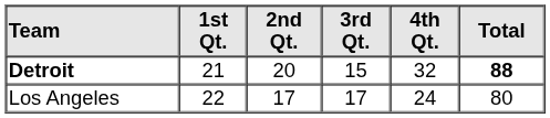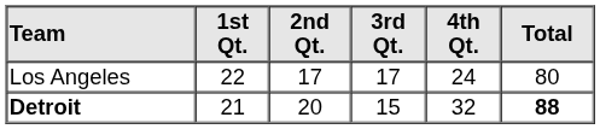 <table border=1 cellspacing=0 width=425 style="margin-left:3em;">
 <tr style="text-align:center; background-color:#e6e6e6;">
 <th align=left width=16%>Team</th>
 <th width=6%>1st Qt.</th>
 <th width=6%>2nd Qt.</th>
 <th width=6%>3rd Qt.</th>
 <th width=6%>4th Qt.</th>
 <th width=6%>Total</th>
 </tr>
 <tr style="text-align:center;">
+<td align=left>Los Angeles</td>
+<td>22</td>
+<td>17</td>
+<td>17</td>
+<td>24</td>
+<td>80</td>
+</tr>
+<tr style="text-align:center;">
 <td align=left><strong>Detroit</strong></td>
 <td>21</td>
 <td>20</td>
 <td>15</td>
 <td>32</td>
 <td><strong>88</strong></td>
 </tr>
 <tr style="text-align:center;">
-<td align=left>Los Angeles</td>
-<td>22</td>
-<td>17</td>
-<td>17</td>
-<td>24</td>
-<td>80</td>
-</tr>
-<tr style="text-align:center;">
 </tr>
 </table>
